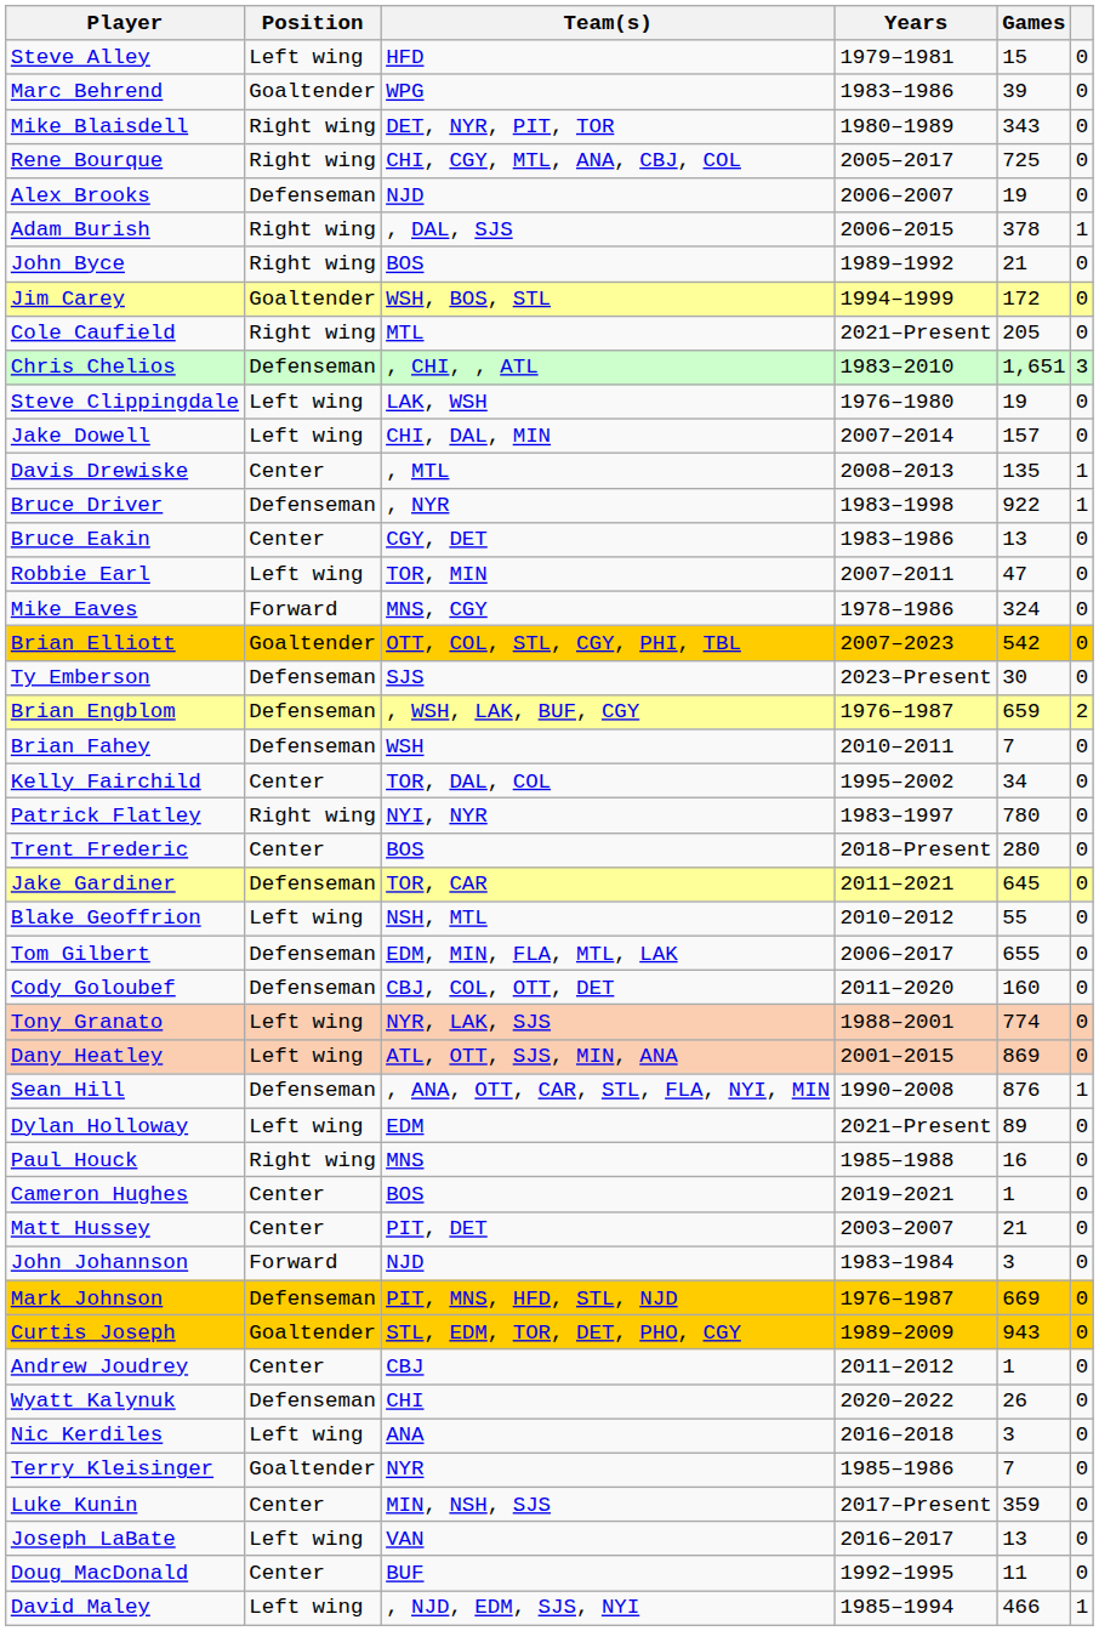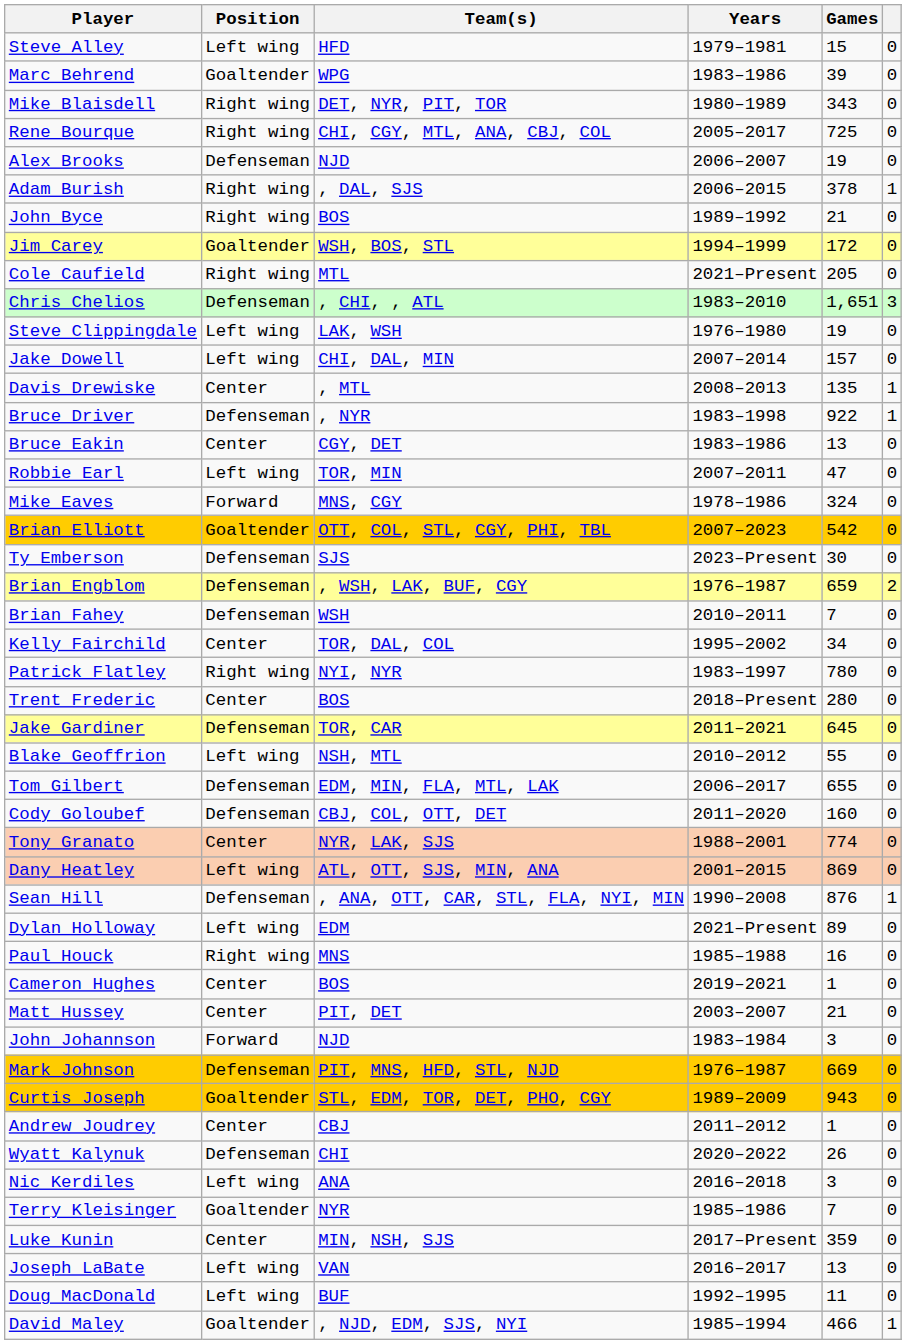 <table class="wikitable sortable">
 <tr>
 <th>Player</th>
 <th>Position</th>
 <th>Team(s)</th>
 <th>Years</th>
 <th>Games</th>
 <th><a href='#'></a></th>
 </tr>
 <tr>
 <td><a href='#'>Steve Alley</a></td>
 <td>Left wing</td>
 <td><a href='#'>HFD</a></td>
 <td>1979–1981</td>
 <td>15</td>
 <td>0</td>
 </tr>
 <tr>
 <td><a href='#'>Marc Behrend</a></td>
 <td>Goaltender</td>
 <td><a href='#'>WPG</a></td>
 <td>1983–1986</td>
 <td>39</td>
 <td>0</td>
 </tr>
 <tr>
 <td><a href='#'>Mike Blaisdell</a></td>
 <td>Right wing</td>
 <td><a href='#'>DET</a>, <a href='#'>NYR</a>, <a href='#'>PIT</a>, <a href='#'>TOR</a></td>
 <td>1980–1989</td>
 <td>343</td>
 <td>0</td>
 </tr>
 <tr>
 <td><a href='#'>Rene Bourque</a></td>
 <td>Right wing</td>
 <td><a href='#'>CHI</a>, <a href='#'>CGY</a>, <a href='#'>MTL</a>, <a href='#'>ANA</a>, <a href='#'>CBJ</a>, <a href='#'>COL</a></td>
 <td>2005–2017</td>
 <td>725</td>
 <td>0</td>
 </tr>
 <tr>
 <td><a href='#'>Alex Brooks</a></td>
 <td>Defenseman</td>
 <td><a href='#'>NJD</a></td>
 <td>2006–2007</td>
 <td>19</td>
 <td>0</td>
 </tr>
 <tr>
 <td><a href='#'>Adam Burish</a></td>
 <td>Right wing</td>
 <td><span><strong></strong></span>, <a href='#'>DAL</a>, <a href='#'>SJS</a></td>
 <td>2006–2015</td>
 <td>378</td>
 <td>1</td>
 </tr>
 <tr>
 <td><a href='#'>John Byce</a></td>
 <td>Right wing</td>
 <td><a href='#'>BOS</a></td>
 <td>1989–1992</td>
 <td>21</td>
 <td>0</td>
 </tr>
 <tr style="background:#ff9;">
 <td><a href='#'>Jim Carey</a></td>
 <td>Goaltender</td>
 <td><a href='#'>WSH</a>, <a href='#'>BOS</a>, <a href='#'>STL</a></td>
 <td>1994–1999</td>
 <td>172</td>
 <td>0</td>
 </tr>
 <tr>
 <td><a href='#'>Cole Caufield</a></td>
 <td>Right wing</td>
 <td><a href='#'>MTL</a></td>
 <td>2021–Present</td>
 <td>205</td>
 <td>0</td>
 </tr>
 <tr style="background:#cfc;">
 <td><a href='#'>Chris Chelios</a></td>
 <td>Defenseman</td>
 <td><span><strong></strong></span>, <a href='#'>CHI</a>, <span><strong></strong></span>, <a href='#'>ATL</a></td>
 <td>1983–2010</td>
 <td>1,651</td>
 <td>3</td>
 </tr>
 <tr>
 <td><a href='#'>Steve Clippingdale</a></td>
 <td>Left wing</td>
 <td><a href='#'>LAK</a>, <a href='#'>WSH</a></td>
 <td>1976–1980</td>
 <td>19</td>
 <td>0</td>
 </tr>
 <tr>
 <td><a href='#'>Jake Dowell</a></td>
 <td>Left wing</td>
 <td><a href='#'>CHI</a>, <a href='#'>DAL</a>, <a href='#'>MIN</a></td>
 <td>2007–2014</td>
 <td>157</td>
 <td>0</td>
 </tr>
 <tr>
 <td><a href='#'>Davis Drewiske</a></td>
 <td>Center</td>
 <td><span><strong></strong></span>, <a href='#'>MTL</a></td>
 <td>2008–2013</td>
 <td>135</td>
 <td>1</td>
 </tr>
 <tr>
 <td><a href='#'>Bruce Driver</a></td>
 <td>Defenseman</td>
 <td><span><strong></strong></span>, <a href='#'>NYR</a></td>
 <td>1983–1998</td>
 <td>922</td>
 <td>1</td>
 </tr>
 <tr>
 <td><a href='#'>Bruce Eakin</a></td>
 <td>Center</td>
 <td><a href='#'>CGY</a>, <a href='#'>DET</a></td>
 <td>1983–1986</td>
 <td>13</td>
 <td>0</td>
 </tr>
 <tr>
 <td><a href='#'>Robbie Earl</a></td>
 <td>Left wing</td>
 <td><a href='#'>TOR</a>, <a href='#'>MIN</a></td>
 <td>2007–2011</td>
 <td>47</td>
 <td>0</td>
 </tr>
 <tr>
 <td><a href='#'>Mike Eaves</a></td>
 <td>Forward</td>
 <td><a href='#'>MNS</a>, <a href='#'>CGY</a></td>
 <td>1978–1986</td>
 <td>324</td>
 <td>0</td>
 </tr>
 <tr style="background:#fc0;">
 <td><a href='#'>Brian Elliott</a></td>
 <td>Goaltender</td>
 <td><a href='#'>OTT</a>, <a href='#'>COL</a>, <a href='#'>STL</a>, <a href='#'>CGY</a>, <a href='#'>PHI</a>, <a href='#'>TBL</a></td>
 <td>2007–2023</td>
 <td>542</td>
 <td>0</td>
 </tr>
 <tr>
 <td><a href='#'>Ty Emberson</a></td>
 <td>Defenseman</td>
 <td><a href='#'>SJS</a></td>
 <td>2023–Present</td>
 <td>30</td>
 <td>0</td>
 </tr>
 <tr style="background:#ff9;">
 <td><a href='#'>Brian Engblom</a></td>
 <td>Defenseman</td>
 <td><span><strong></strong></span>, <a href='#'>WSH</a>, <a href='#'>LAK</a>, <a href='#'>BUF</a>, <a href='#'>CGY</a></td>
 <td>1976–1987</td>
 <td>659</td>
 <td>2</td>
 </tr>
 <tr>
 <td><a href='#'>Brian Fahey</a></td>
 <td>Defenseman</td>
 <td><a href='#'>WSH</a></td>
 <td>2010–2011</td>
 <td>7</td>
 <td>0</td>
 </tr>
 <tr>
 <td><a href='#'>Kelly Fairchild</a></td>
 <td>Center</td>
 <td><a href='#'>TOR</a>, <a href='#'>DAL</a>, <a href='#'>COL</a></td>
 <td>1995–2002</td>
 <td>34</td>
 <td>0</td>
 </tr>
 <tr>
 <td><a href='#'>Patrick Flatley</a></td>
 <td>Right wing</td>
 <td><a href='#'>NYI</a>, <a href='#'>NYR</a></td>
 <td>1983–1997</td>
 <td>780</td>
 <td>0</td>
 </tr>
 <tr>
 <td><a href='#'>Trent Frederic</a></td>
 <td>Center</td>
 <td><a href='#'>BOS</a></td>
 <td>2018–Present</td>
 <td>280</td>
 <td>0</td>
 </tr>
 <tr style="background:#ff9;">
 <td><a href='#'>Jake Gardiner</a></td>
 <td>Defenseman</td>
 <td><a href='#'>TOR</a>, <a href='#'>CAR</a></td>
 <td>2011–2021</td>
 <td>645</td>
 <td>0</td>
 </tr>
 <tr>
 <td><a href='#'>Blake Geoffrion</a></td>
 <td>Left wing</td>
 <td><a href='#'>NSH</a>, <a href='#'>MTL</a></td>
 <td>2010–2012</td>
 <td>55</td>
 <td>0</td>
 </tr>
 <tr>
 <td><a href='#'>Tom Gilbert</a></td>
 <td>Defenseman</td>
 <td><a href='#'>EDM</a>, <a href='#'>MIN</a>, <a href='#'>FLA</a>, <a href='#'>MTL</a>, <a href='#'>LAK</a></td>
 <td>2006–2017</td>
 <td>655</td>
 <td>0</td>
 </tr>
 <tr>
 <td><a href='#'>Cody Goloubef</a></td>
 <td>Defenseman</td>
 <td><a href='#'>CBJ</a>, <a href='#'>COL</a>, <a href='#'>OTT</a>, <a href='#'>DET</a></td>
 <td>2011–2020</td>
 <td>160</td>
 <td>0</td>
 </tr>
 <tr style="background:#fbceb1;">
 <td><a href='#'>Tony Granato</a></td>
-<td>Left wing</td>
+<td>Center</td>
 <td><a href='#'>NYR</a>, <a href='#'>LAK</a>, <a href='#'>SJS</a></td>
 <td>1988–2001</td>
 <td>774</td>
 <td>0</td>
 </tr>
 <tr style="background:#fbceb1;">
 <td><a href='#'>Dany Heatley</a></td>
 <td>Left wing</td>
 <td><a href='#'>ATL</a>, <a href='#'>OTT</a>, <a href='#'>SJS</a>, <a href='#'>MIN</a>, <a href='#'>ANA</a></td>
 <td>2001–2015</td>
 <td>869</td>
 <td>0</td>
 </tr>
 <tr>
 <td><a href='#'>Sean Hill</a></td>
 <td>Defenseman</td>
 <td><span><strong></strong></span>, <a href='#'>ANA</a>, <a href='#'>OTT</a>, <a href='#'>CAR</a>, <a href='#'>STL</a>, <a href='#'>FLA</a>, <a href='#'>NYI</a>, <a href='#'>MIN</a></td>
 <td>1990–2008</td>
 <td>876</td>
 <td>1</td>
 </tr>
 <tr>
 <td><a href='#'>Dylan Holloway</a></td>
 <td>Left wing</td>
 <td><a href='#'>EDM</a></td>
 <td>2021–Present</td>
 <td>89</td>
 <td>0</td>
 </tr>
 <tr>
 <td><a href='#'>Paul Houck</a></td>
 <td>Right wing</td>
 <td><a href='#'>MNS</a></td>
 <td>1985–1988</td>
 <td>16</td>
 <td>0</td>
 </tr>
 <tr>
 <td><a href='#'>Cameron Hughes</a></td>
 <td>Center</td>
 <td><a href='#'>BOS</a></td>
 <td>2019–2021</td>
 <td>1</td>
 <td>0</td>
 </tr>
 <tr>
 <td><a href='#'>Matt Hussey</a></td>
 <td>Center</td>
 <td><a href='#'>PIT</a>, <a href='#'>DET</a></td>
 <td>2003–2007</td>
 <td>21</td>
 <td>0</td>
 </tr>
 <tr>
 <td><a href='#'>John Johannson</a></td>
 <td>Forward</td>
 <td><a href='#'>NJD</a></td>
 <td>1983–1984</td>
 <td>3</td>
 <td>0</td>
 </tr>
 <tr style="background:#fc0;">
 <td><a href='#'>Mark Johnson</a></td>
 <td>Defenseman</td>
 <td><a href='#'>PIT</a>, <a href='#'>MNS</a>, <a href='#'>HFD</a>, <a href='#'>STL</a>, <a href='#'>NJD</a></td>
 <td>1976–1987</td>
 <td>669</td>
 <td>0</td>
 </tr>
 <tr style="background:#fc0;">
 <td><a href='#'>Curtis Joseph</a></td>
 <td>Goaltender</td>
 <td><a href='#'>STL</a>, <a href='#'>EDM</a>, <a href='#'>TOR</a>, <a href='#'>DET</a>, <a href='#'>PHO</a>, <a href='#'>CGY</a></td>
 <td>1989–2009</td>
 <td>943</td>
 <td>0</td>
 </tr>
 <tr>
 <td><a href='#'>Andrew Joudrey</a></td>
 <td>Center</td>
 <td><a href='#'>CBJ</a></td>
 <td>2011–2012</td>
 <td>1</td>
 <td>0</td>
 </tr>
 <tr>
 <td><a href='#'>Wyatt Kalynuk</a></td>
 <td>Defenseman</td>
 <td><a href='#'>CHI</a></td>
 <td>2020–2022</td>
 <td>26</td>
 <td>0</td>
 </tr>
 <tr>
 <td><a href='#'>Nic Kerdiles</a></td>
 <td>Left wing</td>
 <td><a href='#'>ANA</a></td>
 <td>2016–2018</td>
 <td>3</td>
 <td>0</td>
 </tr>
 <tr>
 <td><a href='#'>Terry Kleisinger</a></td>
 <td>Goaltender</td>
 <td><a href='#'>NYR</a></td>
 <td>1985–1986</td>
 <td>7</td>
 <td>0</td>
 </tr>
 <tr>
 <td><a href='#'>Luke Kunin</a></td>
 <td>Center</td>
 <td><a href='#'>MIN</a>, <a href='#'>NSH</a>, <a href='#'>SJS</a></td>
 <td>2017–Present</td>
 <td>359</td>
 <td>0</td>
 </tr>
 <tr>
 <td><a href='#'>Joseph LaBate</a></td>
 <td>Left wing</td>
 <td><a href='#'>VAN</a></td>
 <td>2016–2017</td>
 <td>13</td>
 <td>0</td>
 </tr>
 <tr>
 <td><a href='#'>Doug MacDonald</a></td>
-<td>Center</td>
+<td>Left wing</td>
 <td><a href='#'>BUF</a></td>
 <td>1992–1995</td>
 <td>11</td>
 <td>0</td>
 </tr>
 <tr>
 <td><a href='#'>David Maley</a></td>
-<td>Left wing</td>
+<td>Goaltender</td>
 <td><span><strong></strong></span>, <a href='#'>NJD</a>, <a href='#'>EDM</a>, <a href='#'>SJS</a>, <a href='#'>NYI</a></td>
 <td>1985–1994</td>
 <td>466</td>
 <td>1</td>
 </tr>
 </table>
